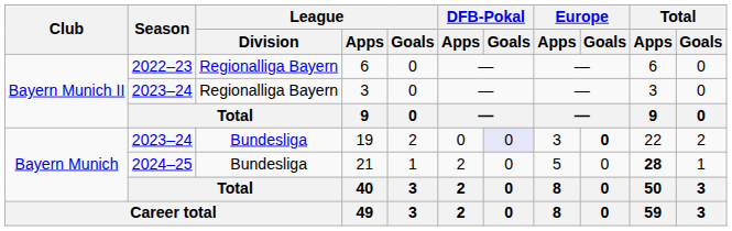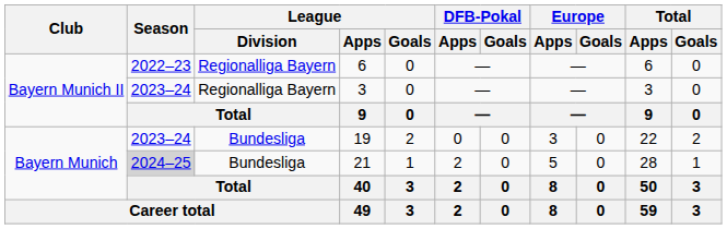 <table class="wikitable" Style="text-align: center">
 <tr>
 <th rowspan="2">Club</th>
 <th rowspan="2">Season</th>
 <th colspan="3">League</th>
 <th colspan="2"><a href='#'>DFB-Pokal</a></th>
 <th colspan="2"><a href='#'>Europe</a></th>
 <th colspan="2">Total</th>
 </tr>
 <tr>
 <th>Division</th>
 <th>Apps</th>
 <th>Goals</th>
 <th>Apps</th>
 <th>Goals</th>
 <th>Apps</th>
 <th>Goals</th>
 <th>Apps</th>
 <th>Goals</th>
 </tr>
 <tr>
 <td rowspan="3"><a href='#'>Bayern Munich II</a></td>
 <td><a href='#'>2022–23</a></td>
 <td><a href='#'>Regionalliga Bayern</a></td>
 <td>6</td>
 <td>0</td>
 <td colspan="2">—</td>
 <td colspan="2">—</td>
 <td>6</td>
 <td>0</td>
 </tr>
 <tr>
 <td><a href='#'>2023–24</a></td>
 <td>Regionalliga Bayern</td>
 <td>3</td>
 <td>0</td>
 <td colspan="2">—</td>
 <td colspan="2">—</td>
 <td>3</td>
 <td>0</td>
 </tr>
 <tr>
 <th colspan="2">Total</th>
 <th>9</th>
 <th>0</th>
 <th colspan="2">—</th>
 <th colspan="2">—</th>
 <th>9</th>
 <th>0</th>
 </tr>
 <tr>
 <td rowspan="3"><a href='#'>Bayern Munich</a></td>
 <td><a href='#'>2023–24</a></td>
 <td><a href='#'>Bundesliga</a></td>
 <td>19</td>
 <td>2</td>
 <td>0</td>
-<td style="background: lavender;">0</td>
+<td>0</td>
 <td>3</td>
-<td><strong>0</strong></td>
+<td>0</td>
 <td>22</td>
 <td>2</td>
 </tr>
 <tr>
-<td><a href='#'>2024–25</a></td>
+<td style="background: lightgrey;"><a href='#'>2024–25</a></td>
 <td>Bundesliga</td>
 <td>21</td>
 <td>1</td>
 <td>2</td>
 <td>0</td>
 <td>5</td>
 <td>0</td>
-<td><strong>28</strong></td>
+<td>28</td>
 <td>1</td>
 </tr>
 <tr>
 <th colspan="2">Total</th>
 <th>40</th>
 <th>3</th>
 <th>2</th>
 <th>0</th>
 <th>8</th>
 <th>0</th>
 <th>50</th>
 <th>3</th>
 </tr>
 <tr>
 <th colspan="3">Career total</th>
 <th>49</th>
 <th>3</th>
 <th>2</th>
 <th>0</th>
 <th>8</th>
 <th>0</th>
 <th>59</th>
 <th>3</th>
 </tr>
 </table>
